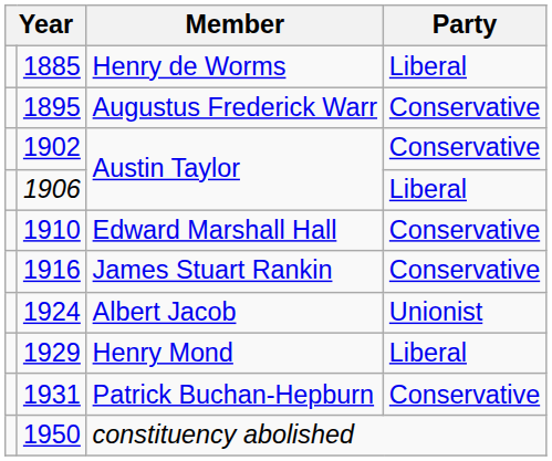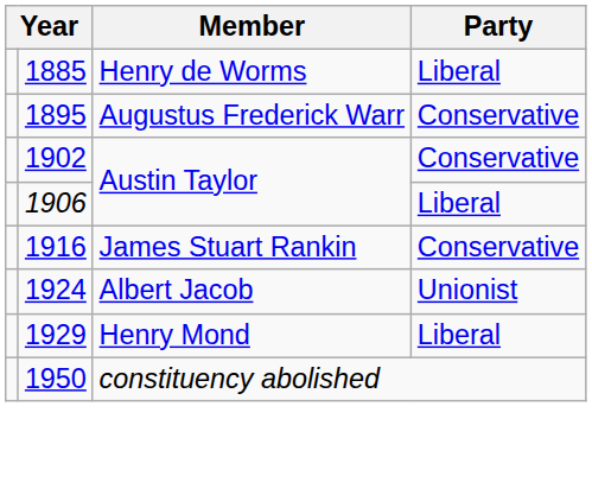 <table class="wikitable">
 <tr>
 <th colspan="2">Year</th>
 <th>Member</th>
 <th>Party</th>
 </tr>
 <tr>
 <td style="color:inherit;background-color: "></td>
 <td><a href='#'>1885</a></td>
 <td><a href='#'>Henry de Worms</a></td>
 <td><a href='#'>Liberal</a></td>
 </tr>
 <tr>
 <td style="color:inherit;background-color: "></td>
 <td><a href='#'>1895</a></td>
 <td><a href='#'>Augustus Frederick Warr</a></td>
 <td><a href='#'>Conservative</a></td>
 </tr>
 <tr>
 <td style="color:inherit;background-color: "></td>
 <td><a href='#'>1902</a></td>
 <td rowspan="2"><a href='#'>Austin Taylor</a></td>
 <td><a href='#'>Conservative</a></td>
 </tr>
 <tr>
 <td style="color:inherit;background-color: "></td>
 <td><em>1906</em></td>
 <td><a href='#'>Liberal</a></td>
 </tr>
 <tr>
 <td style="color:inherit;background-color: "></td>
-<td><a href='#'>1910</a></td>
-<td><a href='#'>Edward Marshall Hall</a></td>
-<td><a href='#'>Conservative</a></td>
-</tr>
-<tr>
-<td style="color:inherit;background-color: "></td>
 <td><a href='#'>1916</a></td>
 <td><a href='#'>James Stuart Rankin</a></td>
 <td><a href='#'>Conservative</a></td>
 </tr>
 <tr>
 <td style="color:inherit;background-color: "></td>
 <td><a href='#'>1924</a></td>
 <td><a href='#'>Albert Jacob</a></td>
 <td><a href='#'>Unionist</a></td>
 </tr>
 <tr>
 <td style="color:inherit;background-color: "></td>
 <td><a href='#'>1929</a></td>
 <td><a href='#'>Henry Mond</a></td>
 <td><a href='#'>Liberal</a></td>
 </tr>
 <tr>
-<td style="color:inherit;background-color: "></td>
-<td><a href='#'>1931</a></td>
-<td><a href='#'>Patrick Buchan-Hepburn</a></td>
-<td><a href='#'>Conservative</a></td>
-</tr>
-<tr>
 <td></td>
 <td><a href='#'>1950</a></td>
 <td colspan="2"><em>constituency abolished</em></td>
 </tr>
 </table>
